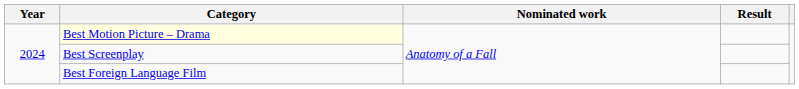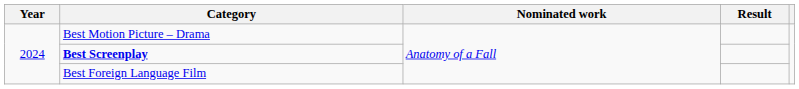 <table class=wikitable>
 <tr>
 <th scope="col" style="width:4em;">Year</th>
 <th scope="col" style="width:27em;">Category</th>
 <th scope="col" style="width:25em;">Nominated work</th>
 <th scope="col" style="width:5em;">Result</th>
 <th></th>
 </tr>
 <tr>
 <td rowspan="3" style="text-align:center;"><a href='#'>2024</a></td>
-<td style="background: lightyellow;"><a href='#'>Best Motion Picture – Drama</a></td>
+<td><a href='#'>Best Motion Picture – Drama</a></td>
 <td rowspan="3"><em><a href='#'>Anatomy of a Fall</a></em></td>
 <td></td>
 <td rowspan="3" style="text-align:center;"></td>
 </tr>
 <tr>
-<td><a href='#'>Best Screenplay</a></td>
+<td><strong><a href='#'>Best Screenplay</a></strong></td>
 <td></td>
 </tr>
 <tr>
 <td><a href='#'>Best Foreign Language Film</a></td>
 <td></td>
 </tr>
 </table>
